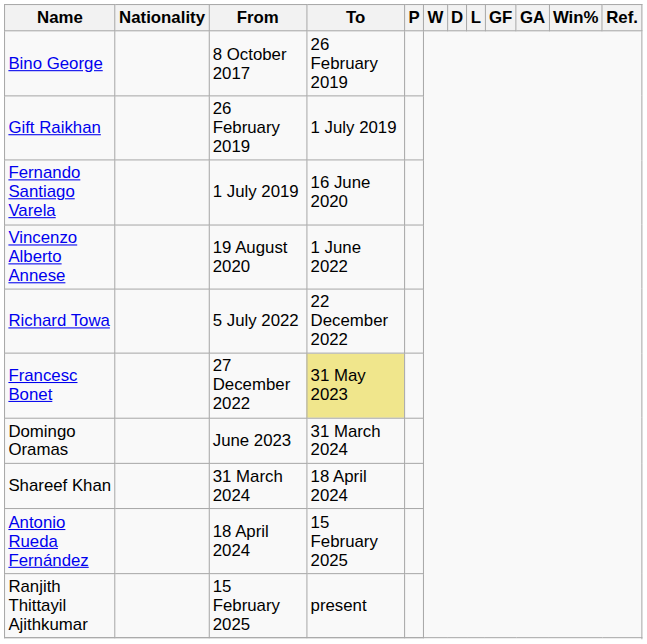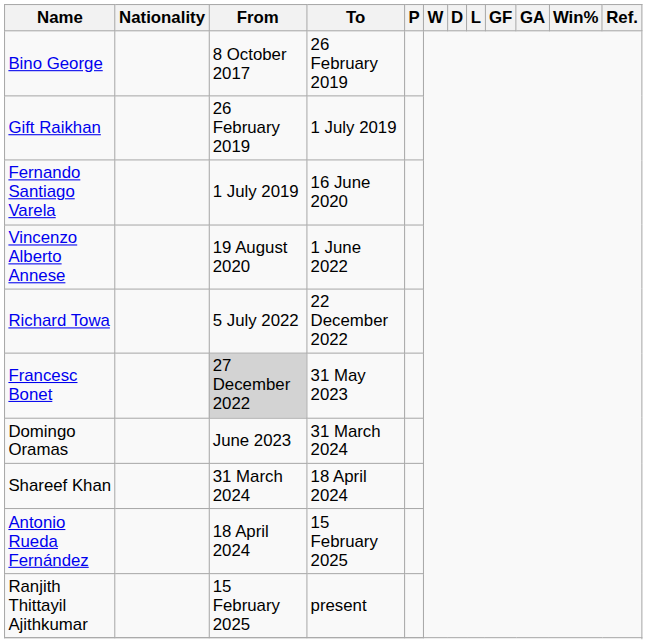 <table class="wikitable plainrowheaders sortable" style="text-align:center">
 <tr>
 <th>Name</th>
 <th>Nationality</th>
 <th>From</th>
 <th class="unsortable">To</th>
 <th>P</th>
 <th>W</th>
 <th>D</th>
 <th>L</th>
 <th>GF</th>
 <th>GA</th>
 <th>Win%</th>
 <th>Ref.</th>
 </tr>
 <tr>
 <td scope=row style=text-align:left><a href='#'>Bino George</a></td>
 <td style="text-align:left"></td>
 <td style="text-align:left">8 October 2017</td>
 <td style="text-align:left">26 February 2019<br></td>
 <td></td>
 </tr>
 <tr>
 <td scope=row style=text-align:left><a href='#'>Gift Raikhan</a></td>
 <td style="text-align:left"></td>
 <td style="text-align:left">26 February 2019</td>
 <td style="text-align:left">1 July 2019<br></td>
 <td></td>
 </tr>
 <tr>
 <td scope=row style=text-align:left><a href='#'>Fernando Santiago Varela</a></td>
 <td style="text-align:left"></td>
 <td style="text-align:left">1 July 2019</td>
 <td style="text-align:left">16 June 2020<br></td>
 <td></td>
 </tr>
 <tr>
 <td scope=row style=text-align:left><a href='#'>Vincenzo Alberto Annese</a></td>
 <td style="text-align:left"></td>
 <td style="text-align:left">19 August 2020</td>
 <td style="text-align:left">1 June 2022<br></td>
 <td></td>
 </tr>
 <tr>
 <td scope=row style=text-align:left><a href='#'>Richard Towa</a></td>
 <td style="text-align:left"></td>
 <td style="text-align:left">5 July 2022</td>
 <td style="text-align:left">22 December 2022<br></td>
 <td></td>
 </tr>
 <tr>
 <td scope=row style=text-align:left><a href='#'>Francesc Bonet</a></td>
 <td style="text-align:left"></td>
-<td style="text-align:left">27 December 2022</td>
-<td style="background: khaki; text-align:left">31 May 2023<br></td>
+<td style="background: lightgrey; text-align:left">27 December 2022</td>
+<td style="text-align:left">31 May 2023<br></td>
 <td></td>
 </tr>
 <tr>
 <td scope=row style=text-align:left>Domingo Oramas</td>
 <td style="text-align:left"></td>
 <td style="text-align:left">June 2023</td>
 <td style="text-align:left">31 March 2024<br></td>
 <td></td>
 </tr>
 <tr>
 <td scope=row style=text-align:left>Shareef Khan </td>
 <td style="text-align:left"></td>
 <td style="text-align:left">31 March 2024</td>
 <td style="text-align:left">18 April 2024<br></td>
 <td></td>
 </tr>
 <tr>
 <td scope=row style=text-align:left><a href='#'>Antonio Rueda Fernández</a></td>
 <td style="text-align:left"></td>
 <td style="text-align:left">18 April 2024</td>
 <td style="text-align:left">15 February 2025<br></td>
 <td></td>
 </tr>
 <tr>
 <td scope=row style=text-align:left>Ranjith Thittayil Ajithkumar </td>
 <td style="text-align:left"></td>
 <td style="text-align:left">15 February 2025</td>
 <td style="text-align:left">present<br></td>
 <td></td>
 </tr>
 <tr>
 </tr>
 </table>
